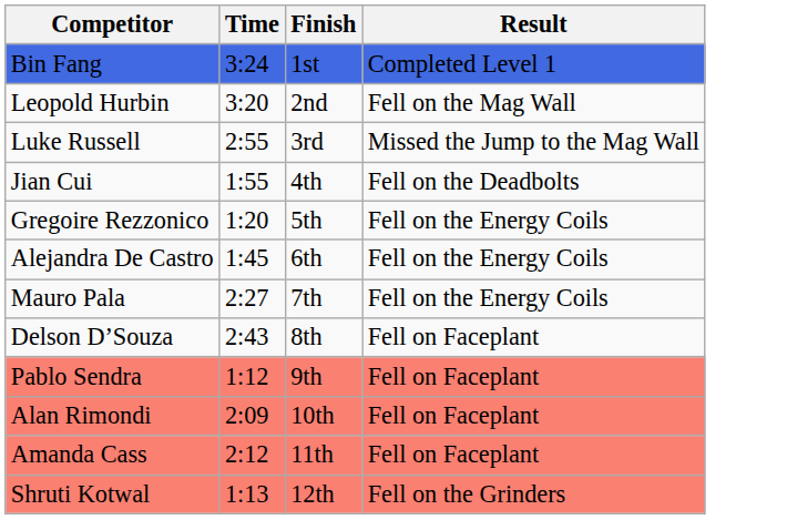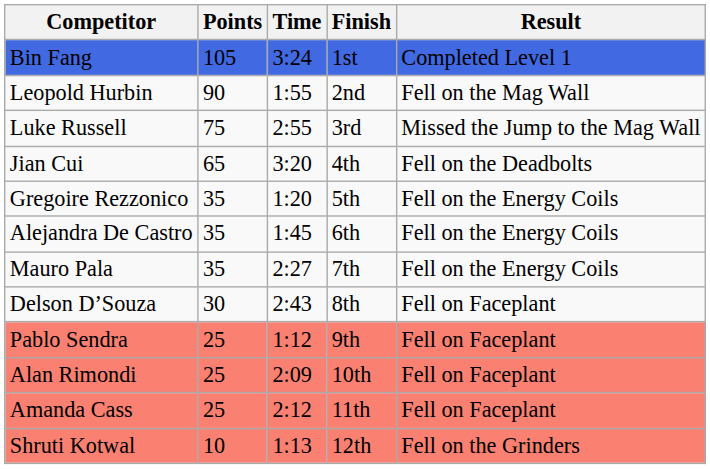 <table class="wikitable sortable">
 <tr>
 <th nowrap="nowrap">Competitor</th>
+<th>Points</th>
 <th>Time</th>
 <th>Finish</th>
 <th>Result</th>
 </tr>
 <tr style="background:royalblue;">
 <td> Bin Fang</td>
+<td>105</td>
 <td>3:24</td>
 <td>1st</td>
 <td>Completed Level 1</td>
 </tr>
 <tr>
 <td> Leopold Hurbin</td>
-<td>3:20</td>
+<td>90</td>
+<td>1:55</td>
 <td>2nd</td>
 <td>Fell on the Mag Wall</td>
 </tr>
 <tr>
 <td> Luke Russell</td>
+<td>75</td>
 <td>2:55</td>
 <td>3rd</td>
 <td>Missed the Jump to the Mag Wall</td>
 </tr>
 <tr>
 <td> Jian Cui</td>
-<td>1:55</td>
+<td>65</td>
+<td>3:20</td>
 <td>4th</td>
 <td>Fell on the Deadbolts</td>
 </tr>
 <tr>
 <td> Gregoire Rezzonico</td>
+<td>35</td>
 <td>1:20</td>
 <td>5th</td>
 <td>Fell on the Energy Coils</td>
 </tr>
 <tr>
 <td> Alejandra De Castro</td>
+<td>35</td>
 <td>1:45</td>
 <td>6th</td>
 <td>Fell on the Energy Coils</td>
 </tr>
 <tr>
 <td> Mauro Pala</td>
+<td>35</td>
 <td>2:27</td>
 <td>7th</td>
 <td>Fell on the Energy Coils</td>
 </tr>
 <tr>
 <td> Delson D’Souza</td>
+<td>30</td>
 <td>2:43</td>
 <td>8th</td>
 <td>Fell on Faceplant</td>
 </tr>
 <tr style="background-color:#fa8072">
 <td> Pablo Sendra</td>
+<td>25</td>
 <td>1:12</td>
 <td>9th</td>
 <td>Fell on Faceplant</td>
 </tr>
 <tr style="background-color:#fa8072">
 <td> Alan Rimondi</td>
+<td>25</td>
 <td>2:09</td>
 <td>10th</td>
 <td>Fell on Faceplant</td>
 </tr>
 <tr style="background-color:#fa8072">
 <td> Amanda Cass</td>
+<td>25</td>
 <td>2:12</td>
 <td>11th</td>
 <td>Fell on Faceplant</td>
 </tr>
 <tr style="background-color:#fa8072">
 <td> Shruti Kotwal</td>
+<td>10</td>
 <td>1:13</td>
 <td>12th</td>
 <td>Fell on the Grinders</td>
 </tr>
 </table>
